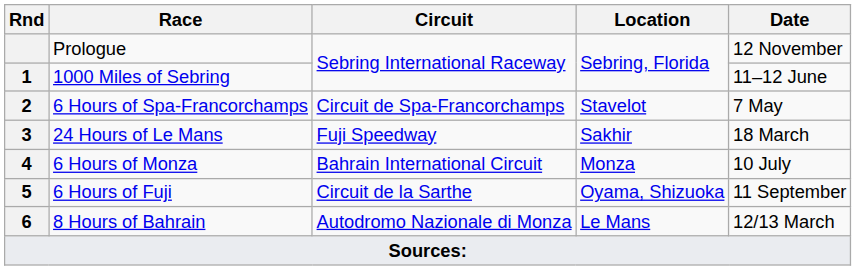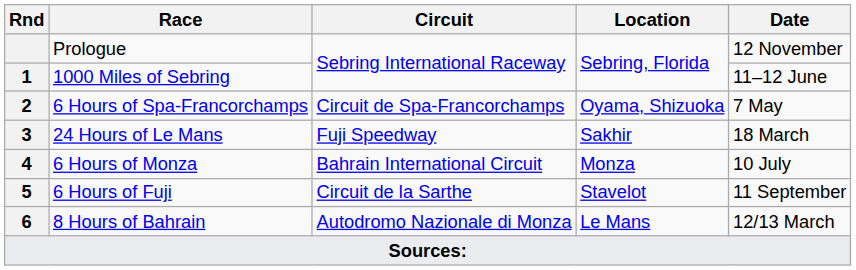 <table class="wikitable" style="font-size: 90%;">
 <tr>
 <th>Rnd</th>
 <th>Race</th>
 <th>Circuit</th>
 <th>Location</th>
 <th>Date</th>
 </tr>
 <tr>
 <th></th>
 <td>Prologue</td>
 <td rowspan="2"><a href='#'>Sebring International Raceway</a></td>
 <td rowspan="2"> <a href='#'>Sebring, Florida</a></td>
 <td>12 November</td>
 </tr>
 <tr>
 <th>1</th>
 <td><a href='#'>1000 Miles of Sebring</a></td>
 <td>11–12 June</td>
 </tr>
 <tr>
 <th>2</th>
 <td><a href='#'>6 Hours of Spa-Francorchamps</a></td>
 <td><a href='#'>Circuit de Spa-Francorchamps</a></td>
-<td> <a href='#'>Stavelot</a></td>
+<td> <a href='#'>Oyama, Shizuoka</a></td>
 <td>7 May</td>
 </tr>
 <tr>
 <th>3</th>
 <td><a href='#'>24 Hours of Le Mans</a></td>
 <td><a href='#'>Fuji Speedway</a></td>
 <td> <a href='#'>Sakhir</a></td>
 <td>18 March</td>
 </tr>
 <tr>
 <th>4</th>
 <td><a href='#'>6 Hours of Monza</a></td>
 <td><a href='#'>Bahrain International Circuit</a></td>
 <td> <a href='#'>Monza</a></td>
 <td>10 July</td>
 </tr>
 <tr>
 <th>5</th>
 <td><a href='#'>6 Hours of Fuji</a></td>
 <td><a href='#'>Circuit de la Sarthe</a></td>
-<td> <a href='#'>Oyama, Shizuoka</a></td>
+<td> <a href='#'>Stavelot</a></td>
 <td>11 September</td>
 </tr>
 <tr>
 <th>6</th>
 <td><a href='#'>8 Hours of Bahrain</a></td>
 <td><a href='#'>Autodromo Nazionale di Monza</a></td>
 <td> <a href='#'>Le Mans</a></td>
 <td>12/13 March</td>
 </tr>
 <tr class="sortbottom">
 <td colspan="5" style="background-color:#EAECF0;text-align:center"><strong>Sources:</strong></td>
 </tr>
 </table>
